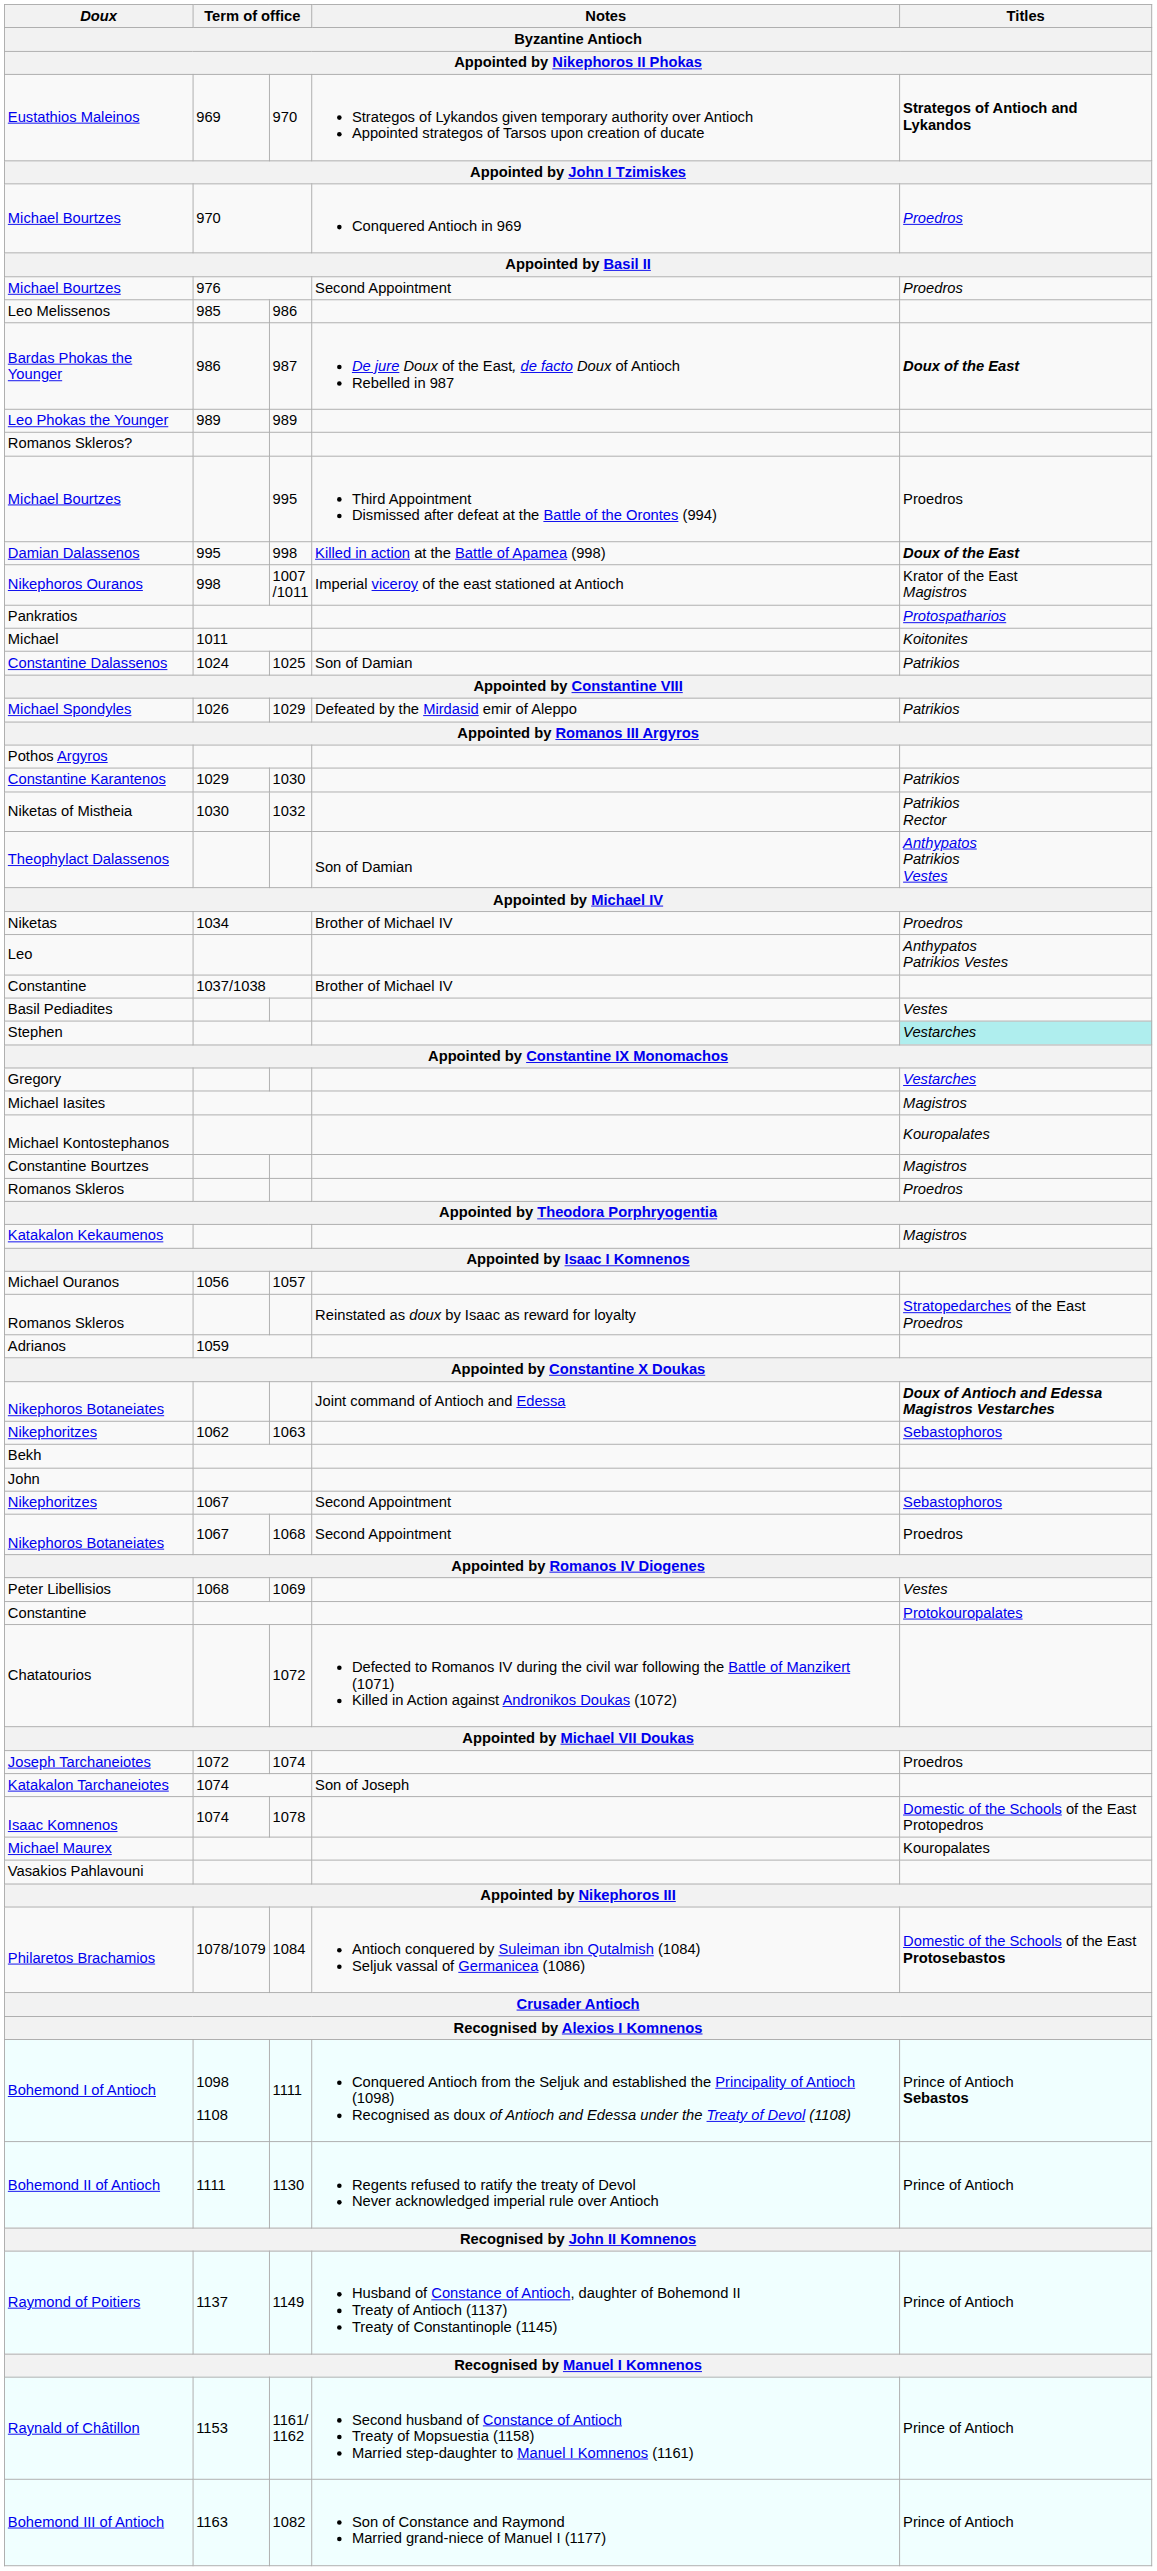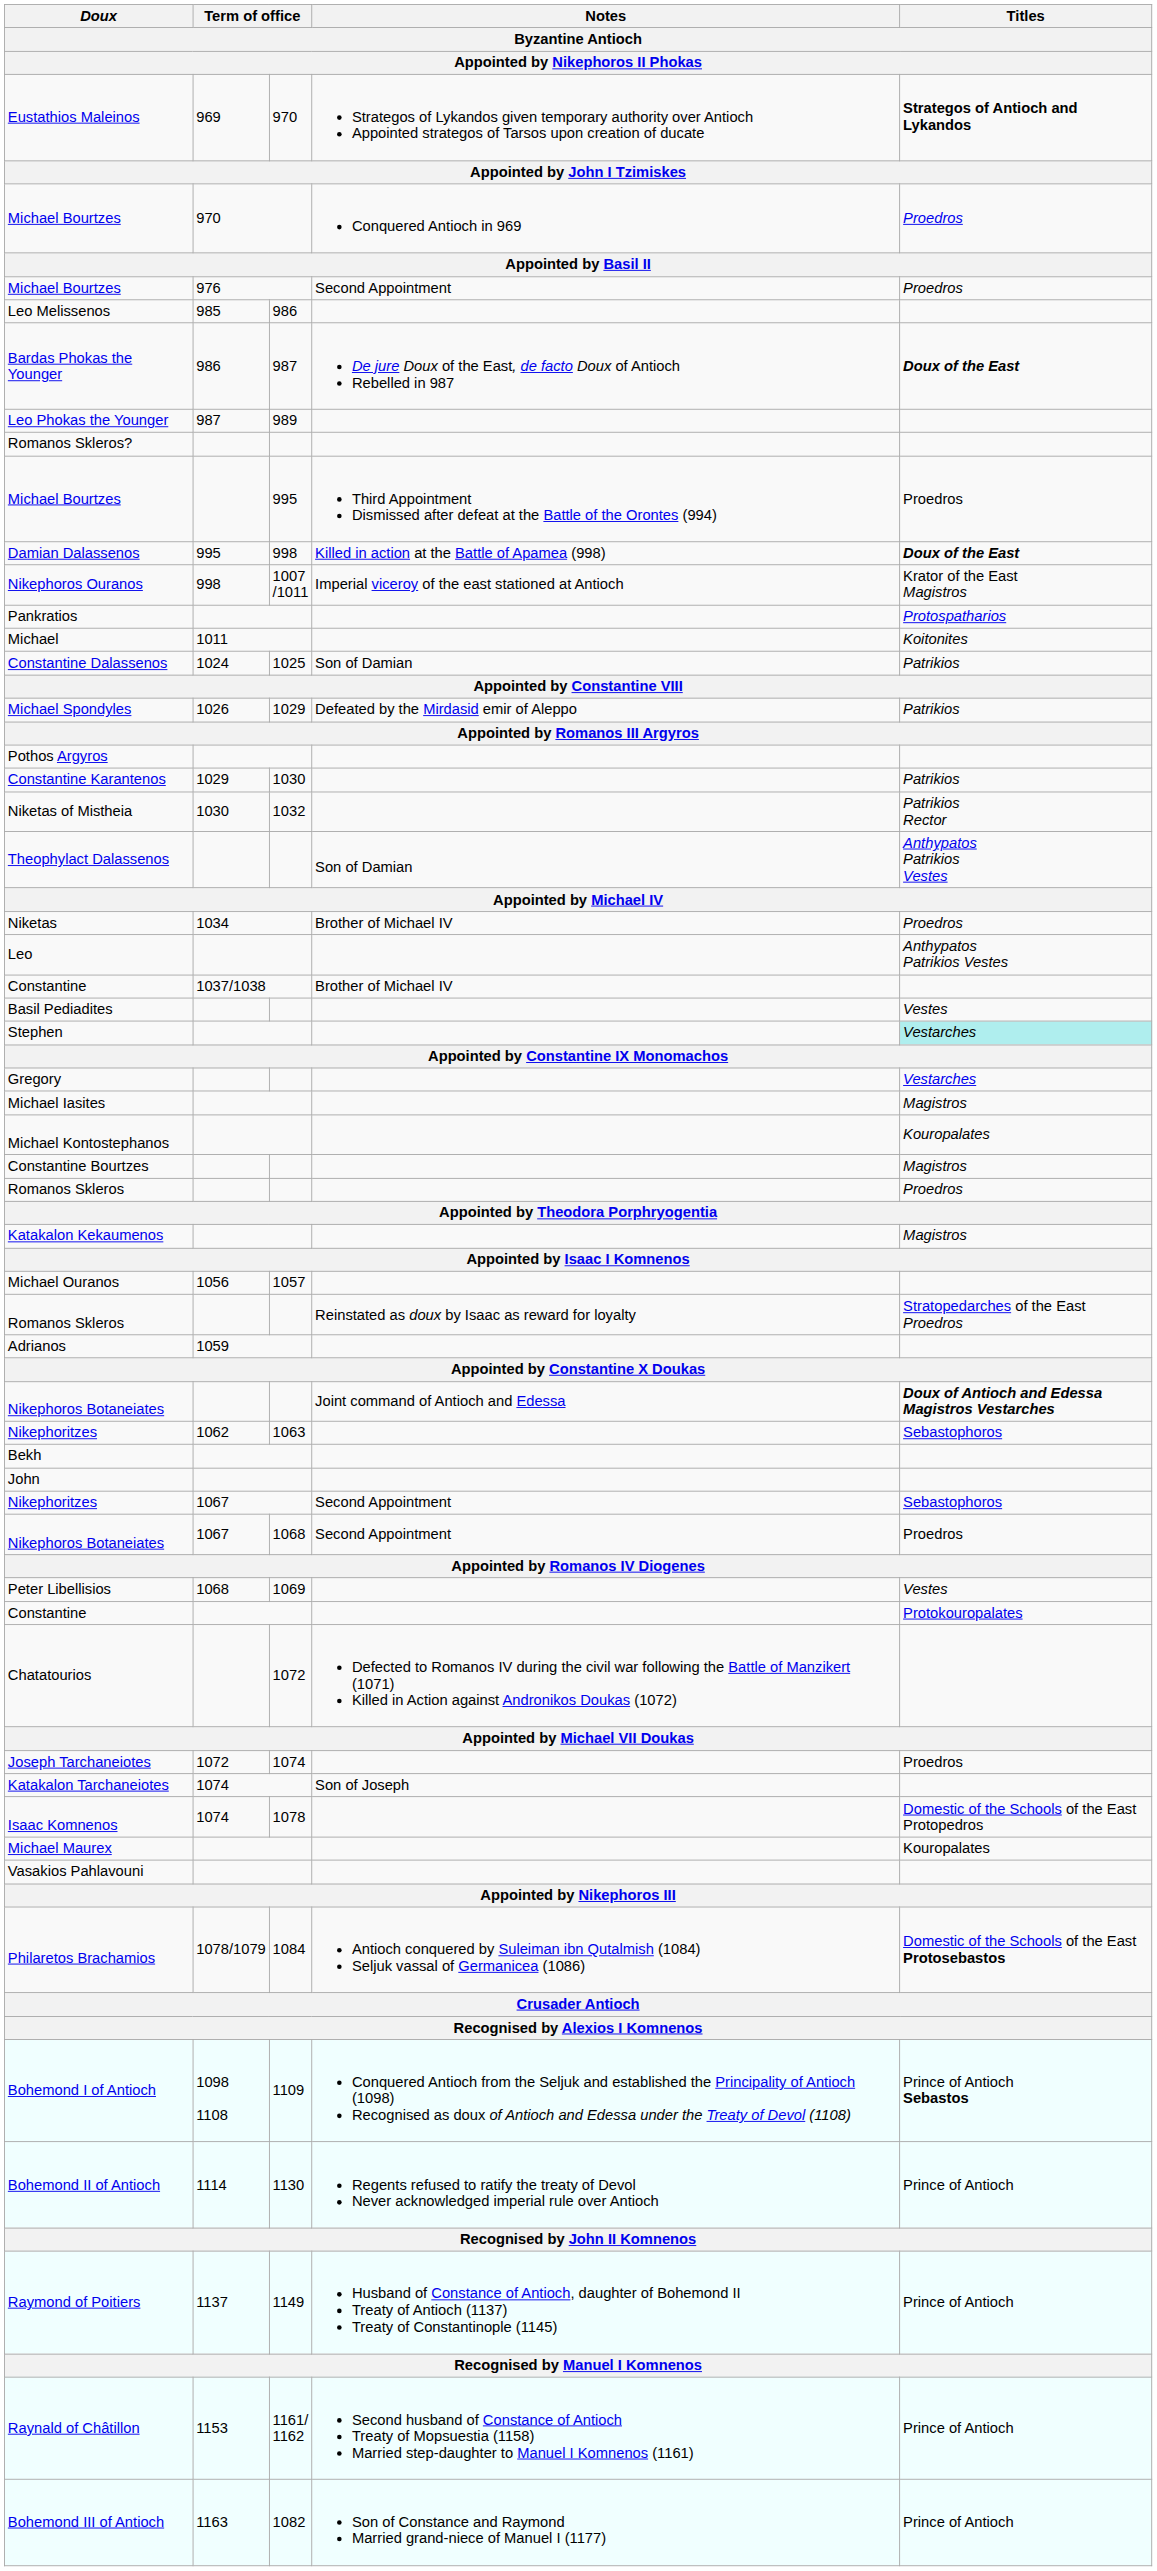 <table class="wikitable">
 <tr>
 <th><em>Doux</em></th>
 <th colspan="2">Term of office</th>
 <th>Notes</th>
 <th>Titles</th>
 </tr>
 <tr>
 <th colspan="5"> Byzantine Antioch<em></em></th>
 </tr>
 <tr>
 <th colspan="5"> Appointed by <a href='#'>Nikephoros II Phokas</a> </th>
 </tr>
 <tr>
 <td><a href='#'>Eustathios Maleinos</a></td>
 <td>969</td>
 <td>970</td>
 <td><br><ul><li>Strategos of Lykandos given temporary authority over Antioch</li><li>Appointed strategos of Tarsos upon creation of ducate</li></ul></td>
 <td><strong>Strategos of Antioch and Lykandos</strong></td>
 </tr>
 <tr>
 <th colspan="5"> Appointed by <a href='#'>John I Tzimiskes</a> </th>
 </tr>
 <tr>
 <td><a href='#'>Michael Bourtzes</a></td>
 <td colspan="2">970</td>
 <td><br><ul><li>Conquered Antioch in 969</li></ul></td>
 <td><em><a href='#'>Proedros</a></em></td>
 </tr>
 <tr>
 <th colspan="5"> Appointed by <a href='#'>Basil II</a> </th>
 </tr>
 <tr>
 <td><a href='#'>Michael Bourtzes</a></td>
 <td colspan="2">976</td>
 <td>Second Appointment</td>
 <td><em>Proedros</em></td>
 </tr>
 <tr>
 <td>Leo Melissenos</td>
 <td>985</td>
 <td>986</td>
 <td></td>
 <td></td>
 </tr>
 <tr>
 <td><a href='#'>Bardas Phokas the Younger</a></td>
 <td>986</td>
 <td>987</td>
 <td><br><ul><li><a href='#'><em>De jure</em></a> <em>Doux</em> of the East<em>, <a href='#'>de facto</a> Doux</em> of Antioch</li><li>Rebelled in 987</li></ul></td>
 <td><strong><em>Doux<em> of the East<strong></td>
 </tr>
 <tr>
 <td><a href='#'>Leo Phokas the Younger</a></td>
-<td>989</td>
+<td>987</td>
 <td>989</td>
 <td></td>
 <td></td>
 </tr>
 <tr>
 <td>Romanos Skleros?</td>
 <td></td>
 <td></td>
 <td></td>
 <td></td>
 </tr>
 <tr>
 <td><a href='#'>Michael Bourtzes</a></td>
 <td></td>
 <td>995</td>
 <td><br><ul><li>Third Appointment</li><li>Dismissed after defeat at the <a href='#'>Battle of the Orontes</a> (994)</li></ul></td>
 <td></em>Proedros<em></td>
 </tr>
 <tr>
 <td><a href='#'>Damian Dalassenos</a></td>
 <td>995</td>
 <td>998</td>
 <td><a href='#'>Killed in action</a> at the <a href='#'>Battle of Apamea</a> (998)</td>
 <td><strong><em>Doux<em> of the East<strong></td>
 </tr>
 <tr>
 <td><a href='#'>Nikephoros Ouranos</a></td>
 <td>998</td>
 <td>1007<br>/1011</td>
 <td>Imperial <a href='#'>viceroy</a> of the east stationed at Antioch</td>
 <td></em></strong>Krator</em> of the East</strong><br><em>Magistros</em></td>
 </tr>
 <tr>
 <td>Pankratios</td>
 <td colspan="2"></td>
 <td></td>
 <td><em><a href='#'>Protospatharios</a></em></td>
 </tr>
 <tr>
 <td>Michael</td>
 <td colspan="2">1011</td>
 <td></td>
 <td><em>Koitonites</em></td>
 </tr>
 <tr>
 <td><a href='#'>Constantine Dalassenos</a></td>
 <td>1024</td>
 <td>1025</td>
 <td>Son of Damian</td>
 <td><em>Patrikios</em></td>
 </tr>
 <tr>
 <th colspan="5"> Appointed by <a href='#'>Constantine VIII</a> </th>
 </tr>
 <tr>
 <td><a href='#'>Michael Spondyles</a></td>
 <td>1026</td>
 <td>1029</td>
 <td>Defeated by the <a href='#'>Mirdasid</a> emir of Aleppo</td>
 <td><em>Patrikios</em></td>
 </tr>
 <tr>
 <th colspan="5"> Appointed by <a href='#'>Romanos III Argyros</a> </th>
 </tr>
 <tr>
 <td>Pothos <a href='#'>Argyros</a></td>
 <td colspan="2"></td>
 <td></td>
 <td></td>
 </tr>
 <tr>
 <td><a href='#'>Constantine Karantenos</a></td>
 <td>1029</td>
 <td>1030</td>
 <td></td>
 <td><em>Patrikios</em></td>
 </tr>
 <tr>
 <td>Niketas of Mistheia</td>
 <td> 1030</td>
 <td>1032</td>
 <td></td>
 <td><em>Patrikios</em><br><em>Rector</em></td>
 </tr>
 <tr>
 <td><a href='#'>Theophylact Dalassenos</a></td>
 <td></td>
 <td></td>
 <td><br>Son of Damian</td>
 <td><em><a href='#'>Anthypatos</a></em><br><em>Patrikios</em><br><em><a href='#'>Vestes</a></em></td>
 </tr>
 <tr>
 <th colspan="5"> Appointed by <a href='#'>Michael IV</a> </th>
 </tr>
 <tr>
 <td>Niketas</td>
 <td colspan="2">1034</td>
 <td>Brother of Michael IV</td>
 <td><em>Proedros</em></td>
 </tr>
 <tr>
 <td>Leo</td>
 <td colspan="2"></td>
 <td></td>
 <td><em>Anthypatos</em><br><em>Patrikios</em> <em>Vestes</em></td>
 </tr>
 <tr>
 <td>Constantine</td>
 <td colspan="2">1037/1038</td>
 <td>Brother of Michael IV</td>
 <td></td>
 </tr>
 <tr>
 <td>Basil Pediadites</td>
 <td></td>
 <td></td>
 <td></td>
 <td><em>Vestes</em></td>
 </tr>
 <tr>
 <td>Stephen</td>
 <td colspan="2"></td>
 <td></td>
 <td style="background: paleturquoise;"><em>Vestarches</em></td>
 </tr>
 <tr>
 <th colspan="5">Appointed by <a href='#'>Constantine IX Monomachos</a> </th>
 </tr>
 <tr>
 <td>Gregory</td>
 <td></td>
 <td></td>
 <td></td>
 <td><em><a href='#'>Vestarches</a></em></td>
 </tr>
 <tr>
 <td>Michael Iasites</td>
 <td colspan="2"></td>
 <td></td>
 <td><em>Magistros</em></td>
 </tr>
 <tr>
 <td><br>Michael Kontostephanos</td>
 <td colspan="2"></td>
 <td></td>
 <td><em>Kouropalates</em></td>
 </tr>
 <tr>
 <td>Constantine Bourtzes</td>
 <td></td>
 <td></td>
 <td></td>
 <td><em>Magistros</em></td>
 </tr>
 <tr>
 <td>Romanos Skleros</td>
 <td></td>
 <td></td>
 <td></td>
 <td><em>Proedros</em></td>
 </tr>
 <tr>
 <th colspan="5"> Appointed by <a href='#'>Theodora Porphryogentia</a> </th>
 </tr>
 <tr>
 <td><a href='#'>Katakalon Kekaumenos</a></td>
 <td colspan="2"></td>
 <td class="small"></td>
 <td><em>Magistros</em></td>
 </tr>
 <tr>
 <th colspan="5"> Appointed by <a href='#'>Isaac I Komnenos</a> </th>
 </tr>
 <tr>
 <td>Michael Ouranos</td>
 <td>1056</td>
 <td>1057</td>
 <td></td>
 <td></td>
 </tr>
 <tr>
 <td><br>Romanos Skleros</td>
 <td></td>
 <td></td>
 <td>Reinstated as <em>doux</em> by Isaac as reward for loyalty</td>
 <td><a href='#'>Stratopedarches</a> of the East<br><em>Proedros</em></td>
 </tr>
 <tr>
 <td>Adrianos</td>
 <td colspan="2">1059</td>
 <td></td>
 <td></td>
 </tr>
 <tr>
 <th colspan="5">Appointed by <a href='#'>Constantine X Doukas</a> </th>
 </tr>
 <tr>
 <td><br><a href='#'>Nikephoros Botaneiates</a></td>
 <td></td>
 <td></td>
 <td>Joint command of Antioch and <a href='#'>Edessa</a></td>
 <td><strong><em>Doux<em> of Antioch and Edessa<strong><br></em>Magistros<em> </em>Vestarches<em></td>
 </tr>
 <tr>
 <td><a href='#'>Nikephoritzes</a></td>
 <td>1062</td>
 <td>1063</td>
 <td></td>
 <td></em><a href='#'>Sebastophoros</a><em></td>
 </tr>
 <tr>
 <td>Bekh</td>
 <td colspan="2"></td>
 <td></td>
 <td></td>
 </tr>
 <tr>
 <td>John</td>
 <td colspan="2"></td>
 <td></td>
 <td></td>
 </tr>
 <tr>
 <td><a href='#'>Nikephoritzes</a></td>
 <td colspan="2">1067</td>
 <td>Second Appointment</td>
 <td></em><a href='#'>Sebastophoros</a><em></td>
 </tr>
 <tr>
 <td><br><a href='#'>Nikephoros Botaneiates</a></td>
 <td>1067</td>
 <td>1068</td>
 <td>Second Appointment</td>
 <td></em>Proedros<em></td>
 </tr>
 <tr>
 <th colspan="5"> Appointed by <a href='#'>Romanos IV Diogenes</a> </th>
 </tr>
 <tr>
 <td>Peter Libellisios</td>
 <td>1068</td>
 <td>1069</td>
 <td class="small"></td>
 <td><em>Vestes</em></td>
 </tr>
 <tr>
 <td>Constantine</td>
 <td colspan="2"></td>
 <td></td>
 <td></em><a href='#'>Protokouropalates</a><em></td>
 </tr>
 <tr>
 <td>Chatatourios</td>
 <td></td>
 <td>1072<br></td>
 <td><br><ul><li>Defected to Romanos IV during the civil war following the <a href='#'>Battle of Manzikert</a> (1071)</li><li>Killed in Action against <a href='#'>Andronikos Doukas</a> (1072)</li></ul></td>
 <td></td>
 </tr>
 <tr>
 <th colspan="5"> Appointed by <a href='#'>Michael VII Doukas</a> </th>
 </tr>
 <tr>
 <td><a href='#'>Joseph Tarchaneiotes</a></td>
 <td>1072</td>
 <td>1074</td>
 <td></td>
 <td></em>Proedros<em></td>
 </tr>
 <tr>
 <td><a href='#'>Katakalon Tarchaneiotes</a></td>
 <td colspan="2">1074</td>
 <td>Son of Joseph</td>
 <td></td>
 </tr>
 <tr>
 <td><br><a href='#'>Isaac Komnenos</a><br></td>
 <td>1074</td>
 <td>1078</td>
 <td class="small"></td>
 <td><a href='#'>Domestic of the Schools</a> of the East<br></em>Protopedros<em></td>
 </tr>
 <tr>
 <td><a href='#'>Michael Maurex</a></td>
 <td colspan="2"></td>
 <td></td>
 <td></em>Kouropalates<em></td>
 </tr>
 <tr>
 <td>Vasakios Pahlavouni</td>
 <td colspan="2"></td>
 <td></td>
 <td></td>
 </tr>
 <tr>
 <th colspan="5"> Appointed by <a href='#'>Nikephoros III</a>  </th>
 </tr>
 <tr>
 <td><br><a href='#'>Philaretos Brachamios</a></td>
 <td>1078/1079</td>
 <td>1084</td>
 <td class="small"><br><ul><li>Antioch conquered by <a href='#'>Suleiman ibn Qutalmish</a> (1084)</li><li>Seljuk vassal of <a href='#'>Germanicea</a>  (1086)</li></ul></td>
 <td></strong><a href='#'>Domestic of the Schools</a> of the East<strong><br></em>Protosebastos<em></td>
 </tr>
 <tr>
 <th colspan="5"> <a href='#'>Crusader Antioch</a></th>
 </tr>
 <tr>
 <th colspan="5"> Recognised by <a href='#'>Alexios I Komnenos</a> </th>
 </tr>
 <tr>
 <td style="background:#F0FFFF"><a href='#'>Bohemond I of Antioch</a><br></td>
 <td style="background:#F0FFFF"><br>1098<br><br>1108</td>
-<td style="background:#F0FFFF">1111</td>
+<td style="background:#F0FFFF">1109</td>
 <td style="background:#F0FFFF"><br><ul><li>Conquered Antioch from the Seljuk and established the <a href='#'>Principality of Antioch</a> (1098)</li><li>Recognised as </em>doux<em> of Antioch and Edessa under the <a href='#'>Treaty of Devol</a> (1108)</li></ul></td>
 <td style="background:#F0FFFF"></strong>Prince of Antioch<strong><br></em>Sebastos<em></td>
 </tr>
 <tr>
 <td style="background:#F0FFFF"><a href='#'></em>Bohemond II of Antioch<em></a><br></em><em></td>
-<td style="background:#F0FFFF"></em>1111<em></td>
+<td style="background:#F0FFFF"></em>1114<em></td>
 <td style="background:#F0FFFF"></em>1130<em></td>
 <td style="background:#F0FFFF"><br><ul><li></em>Regents refused to ratify the treaty of Devol<em></li><li></em>Never acknowledged imperial rule over Antioch<em></li></ul></td>
 <td style="background:#F0FFFF"></em></strong>Prince of Antioch<strong><em></td>
 </tr>
 <tr>
 <th colspan="5"> Recognised by <a href='#'>John II Komnenos</a> </th>
 </tr>
 <tr>
 <td style="background:#F0FFFF"><a href='#'>Raymond of Poitiers</a><br></td>
 <td style="background:#F0FFFF">1137</td>
 <td style="background:#F0FFFF">1149</td>
 <td style="background:#F0FFFF"><br><ul><li>Husband of <a href='#'>Constance of Antioch</a>, daughter of Bohemond II</li><li>Treaty of Antioch (1137)</li><li>Treaty of Constantinople (1145)</li></ul></td>
 <td style="background:#F0FFFF"></strong>Prince of Antioch<strong></td>
 </tr>
 <tr>
 <th colspan="5"> Recognised by <a href='#'>Manuel I Komnenos</a> </th>
 </tr>
 <tr>
 <td style="background:#F0FFFF"><a href='#'>Raynald of Châtillon</a><br></td>
 <td style="background:#F0FFFF">1153</td>
 <td style="background:#F0FFFF">1161/<br>1162</td>
 <td style="background:#F0FFFF"><br><ul><li>Second husband of <a href='#'>Constance of Antioch</a></li><li>Treaty of Mopsuestia (1158)</li><li>Married step-daughter to <a href='#'>Manuel I Komnenos</a> (1161)</li></ul></td>
 <td style="background:#F0FFFF"></strong>Prince of Antioch<strong></td>
 </tr>
 <tr>
 <td style="background:#F0FFFF"><a href='#'>Bohemond III of Antioch</a><br></td>
 <td style="background:#F0FFFF">1163</td>
 <td style="background:#F0FFFF">1082</td>
 <td style="background:#F0FFFF"><br><ul><li>Son of Constance and Raymond</li><li>Married grand-niece of Manuel I (1177)</li></ul></td>
 <td style="background:#F0FFFF"></strong>Prince of Antioch<strong></td>
 </tr>
 </table>
